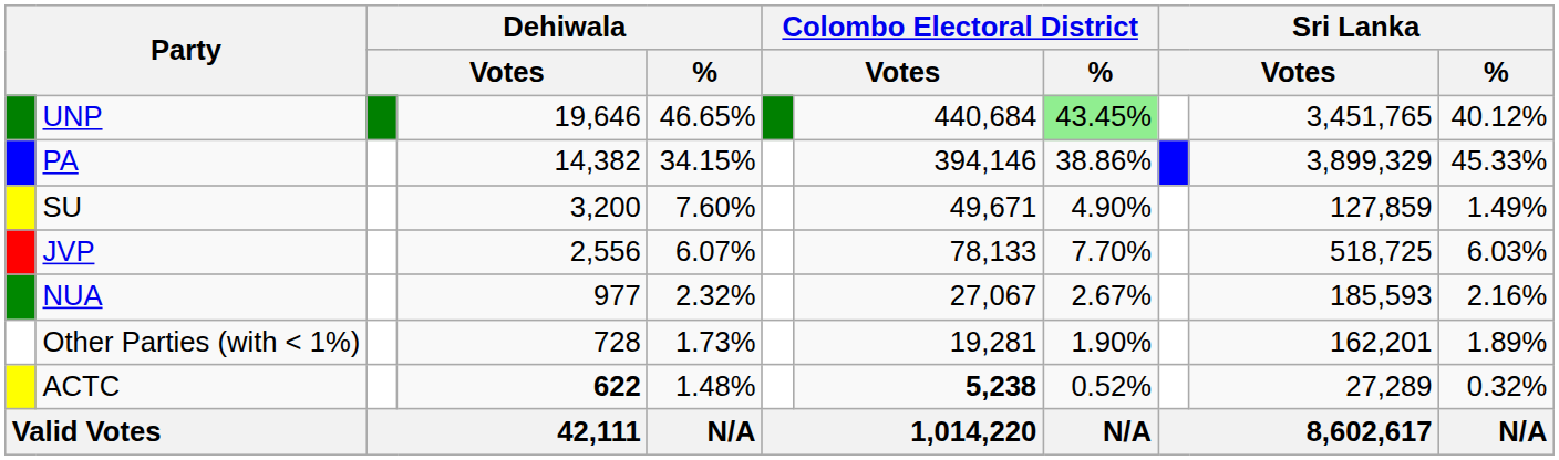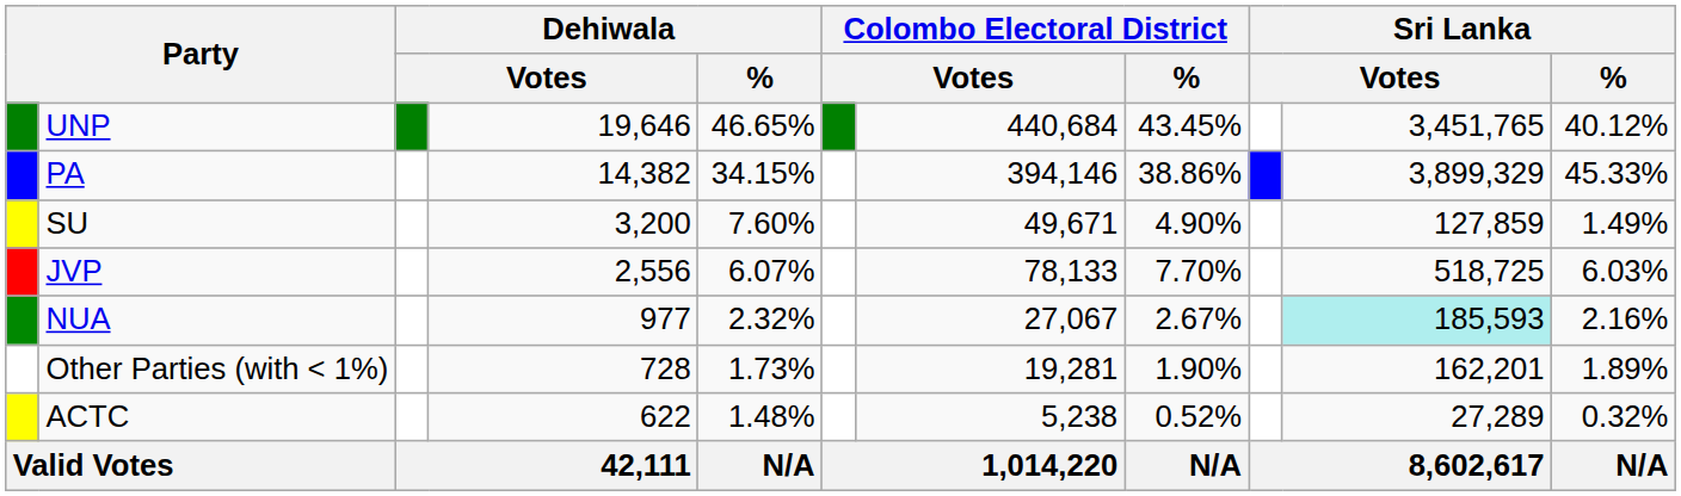 <table class="wikitable">
 <tr>
 <th colspan="2" width="144px"rowspan="2">Party</th>
 <th colspan="3" width="216px">Dehiwala</th>
 <th colspan="3" width="216px"><a href='#'>Colombo Electoral District</a></th>
 <th colspan="3" width="216px">Sri Lanka</th>
 </tr>
 <tr>
 <th colspan="2" width="144px">Votes</th>
 <th>%</th>
 <th colspan="2" width="144px">Votes</th>
 <th>%</th>
 <th colspan="2" width="144px">Votes</th>
 <th>%</th>
 </tr>
 <tr>
 <td style="background-color:green;" width="10px"></td>
 <td style="text-align:left;"><a href='#'>UNP</a></td>
 <td style="background-color:green;" width="10px"></td>
 <td style="text-align:right;">19,646</td>
 <td style="text-align:right;">46.65%</td>
 <td style="background-color:green;" width="10px"></td>
 <td style="text-align:right;">440,684</td>
-<td style="background: lightgreen; text-align:right;">43.45%</td>
+<td style="text-align:right;">43.45%</td>
 <td style="background-color:white;" width="10px"></td>
 <td style="text-align:right;">3,451,765</td>
 <td style="text-align:right;">40.12%</td>
 </tr>
 <tr>
 <td style="background-color:blue;" width="10px"></td>
 <td style="text-align:left;"><a href='#'>PA</a></td>
 <td style="background-color:white;" width="10px"></td>
 <td style="text-align:right;">14,382</td>
 <td style="text-align:right;">34.15%</td>
 <td style="background-color:white;" width="10px"></td>
 <td style="text-align:right;">394,146</td>
 <td style="text-align:right;">38.86%</td>
 <td style="background-color:blue;" width="10px"></td>
 <td style="text-align:right;">3,899,329</td>
 <td style="text-align:right;">45.33%</td>
 </tr>
 <tr>
 <td style="background-color:yellow;" width="10px"></td>
 <td style="text-align:left;">SU</td>
 <td style="background-color:white;" width="10px"></td>
 <td style="text-align:right;">3,200</td>
 <td style="text-align:right;">7.60%</td>
 <td style="background-color:white;" width="10px"></td>
 <td style="text-align:right;">49,671</td>
 <td style="text-align:right;">4.90%</td>
 <td style="background-color:white;" width="10px"></td>
 <td style="text-align:right;">127,859</td>
 <td style="text-align:right;">1.49%</td>
 </tr>
 <tr>
 <td style="background-color:red;" width="10px"></td>
 <td style="text-align:left;"><a href='#'>JVP</a></td>
 <td style="background-color:white;" width="10px"></td>
 <td style="text-align:right;">2,556</td>
 <td style="text-align:right;">6.07%</td>
 <td style="background-color:white;" width="10px"></td>
 <td style="text-align:right;">78,133</td>
 <td style="text-align:right;">7.70%</td>
 <td style="background-color:white;" width="10px"></td>
 <td style="text-align:right;">518,725</td>
 <td style="text-align:right;">6.03%</td>
 </tr>
 <tr>
 <td style="background-color:#008800;" width="10px"></td>
 <td style="text-align:left;"><a href='#'>NUA</a></td>
 <td style="background-color:white;" width="10px"></td>
 <td style="text-align:right;">977</td>
 <td style="text-align:right;">2.32%</td>
 <td style="background-color:white;" width="10px"></td>
 <td style="text-align:right;">27,067</td>
 <td style="text-align:right;">2.67%</td>
 <td style="background-color:white;" width="10px"></td>
-<td style="text-align:right;">185,593</td>
+<td style="background: paleturquoise; text-align:right;">185,593</td>
 <td style="text-align:right;">2.16%</td>
 </tr>
 <tr>
 <td style="background-color:white;" width="10px"></td>
 <td style="text-align:left;">Other Parties (with < 1%)</td>
 <td style="background-color:white;" width="10px"></td>
 <td style="text-align:right;">728</td>
 <td style="text-align:right;">1.73%</td>
 <td style="background-color:white;" width="10px"></td>
 <td style="text-align:right;">19,281</td>
 <td style="text-align:right;">1.90%</td>
 <td style="background-color:white;" width="10px"></td>
 <td style="text-align:right;">162,201</td>
 <td style="text-align:right;">1.89%</td>
 </tr>
 <tr>
 <td style="background-color:yellow;" width="10px"></td>
 <td style="text-align:left;">ACTC</td>
 <td style="background-color:white;" width="10px"></td>
-<td style="text-align:right;"><strong>622</strong></td>
+<td style="text-align:right;">622</td>
 <td style="text-align:right;">1.48%</td>
 <td style="background-color:white;" width="10px"></td>
-<td style="text-align:right;"><strong>5,238</strong></td>
+<td style="text-align:right;">5,238</td>
 <td style="text-align:right;">0.52%</td>
 <td style="background-color:white;" width="10px"></td>
 <td style="text-align:right;">27,289</td>
 <td style="text-align:right;">0.32%</td>
 </tr>
 <tr>
 <th colspan="2" width="144px"style="text-align:left;">Valid Votes</th>
 <th style="text-align:right;"colspan="2" width="144px">42,111</th>
 <th style="text-align:right;">N/A</th>
 <th style="text-align:right;"colspan="2" width="144px">1,014,220</th>
 <th style="text-align:right;">N/A</th>
 <th style="text-align:right;"colspan="2" width="144px">8,602,617</th>
 <th style="text-align:right;">N/A</th>
 </tr>
 </table>
